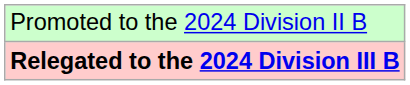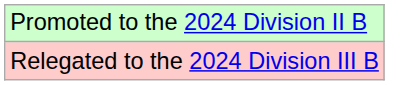 <table class="wikitable">
 <tr>
 <td bgcolor=#ccffcc>Promoted to the <a href='#'>2024 Division II B</a></td>
 </tr>
 <tr>
-<td bgcolor=#ffcccc><strong>Relegated to the <a href='#'>2024 Division III B</a></strong></td>
+<td bgcolor=#ffcccc>Relegated to the <a href='#'>2024 Division III B</a></td>
 </tr>
 </table>
